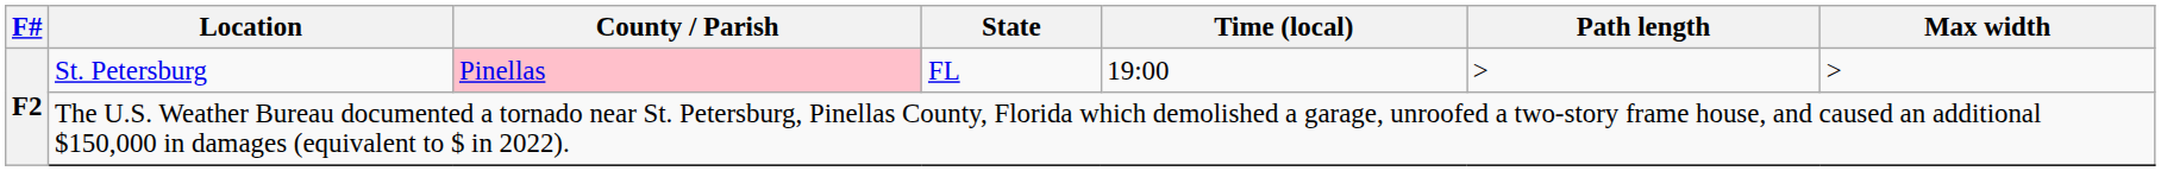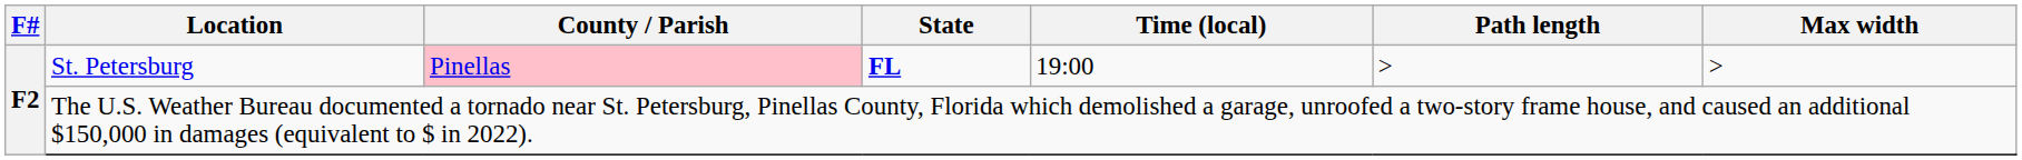 <table class="wikitable sortable" style="width:100%;">
 <tr>
 <th scope="col" align="center"><a href='#'>F#</a><br></th>
 <th scope="col" align="center" class="unsortable">Location</th>
 <th scope="col" align="center" class="unsortable">County / Parish</th>
 <th scope="col" align="center">State</th>
 <th scope="col" align="center">Time (local)</th>
 <th scope="col" align="center">Path length</th>
 <th scope="col" align="center">Max width</th>
 </tr>
 <tr>
 <th scope="row" rowspan="2" style="background-color:#">F2</th>
 <td><a href='#'>St. Petersburg</a></td>
 <td style="background: pink;"><a href='#'>Pinellas</a></td>
-<td><a href='#'>FL</a></td>
+<td><strong><a href='#'>FL</a></strong></td>
 <td>19:00</td>
 <td>></td>
 <td>></td>
 </tr>
 <tr class="expand-child">
 <td colspan="6" style="border-bottom: 1px solid black;">The U.S. Weather Bureau documented a tornado near St. Petersburg, Pinellas County, Florida which demolished a garage, unroofed a two-story frame house, and caused an additional $150,000 in damages (equivalent to $ in 2022).</td>
 </tr>
 </table>
